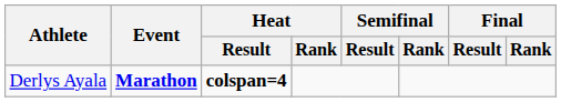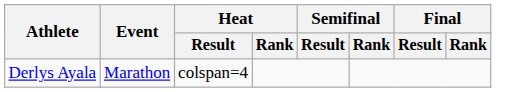 <table class="wikitable" style="font-size:90%">
 <tr>
 <th rowspan="2">Athlete</th>
 <th rowspan="2">Event</th>
 <th colspan="2">Heat</th>
 <th colspan="2">Semifinal</th>
 <th colspan="2">Final</th>
 </tr>
 <tr style="font-size:95%">
 <th>Result</th>
 <th>Rank</th>
 <th>Result</th>
 <th>Rank</th>
 <th>Result</th>
 <th>Rank</th>
 </tr>
 <tr align=center>
 <td align=left><a href='#'>Derlys Ayala</a></td>
-<td align=left><strong><a href='#'>Marathon</a></strong></td>
-<td><strong>colspan=4</strong></td>
+<td align=left><a href='#'>Marathon</a></td>
+<td>colspan=4</td>
 <td colspan=2></td>
 </tr>
 </table>
